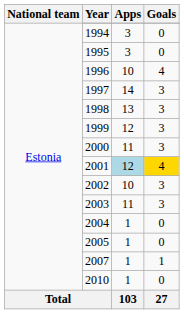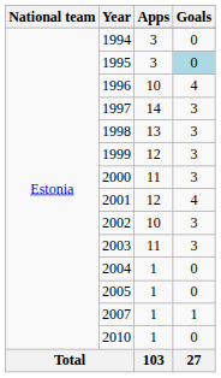 <table class="wikitable" style="text-align:center;">
 <tr>
 <th>National team</th>
 <th>Year</th>
 <th>Apps</th>
 <th>Goals</th>
 </tr>
 <tr>
 <td rowspan="15"><a href='#'>Estonia</a></td>
 </tr>
 <tr>
 <td>1994</td>
 <td>3</td>
 <td>0</td>
 </tr>
 <tr>
 <td>1995</td>
 <td>3</td>
-<td>0</td>
+<td style="background: lightblue;">0</td>
 </tr>
 <tr>
 <td>1996</td>
 <td>10</td>
 <td>4</td>
 </tr>
 <tr>
 <td>1997</td>
 <td>14</td>
 <td>3</td>
 </tr>
 <tr>
 <td>1998</td>
 <td>13</td>
 <td>3</td>
 </tr>
 <tr>
 <td>1999</td>
 <td>12</td>
 <td>3</td>
 </tr>
 <tr>
 <td>2000</td>
 <td>11</td>
 <td>3</td>
 </tr>
 <tr>
 <td>2001</td>
-<td style="background: lightblue;">12</td>
-<td style="background: gold;">4</td>
+<td>12</td>
+<td>4</td>
 </tr>
 <tr>
 <td>2002</td>
 <td>10</td>
 <td>3</td>
 </tr>
 <tr>
 <td>2003</td>
 <td>11</td>
 <td>3</td>
 </tr>
 <tr>
 <td>2004</td>
 <td>1</td>
 <td>0</td>
 </tr>
 <tr>
 <td>2005</td>
 <td>1</td>
 <td>0</td>
 </tr>
 <tr>
 <td>2007</td>
 <td>1</td>
 <td>1</td>
 </tr>
 <tr>
 <td>2010</td>
 <td>1</td>
 <td>0</td>
 </tr>
 <tr>
 <th colspan=2>Total</th>
 <th>103</th>
 <th>27</th>
 </tr>
 </table>
